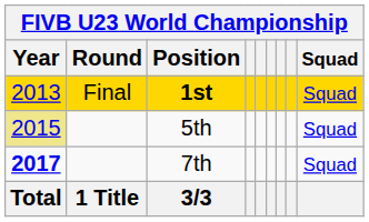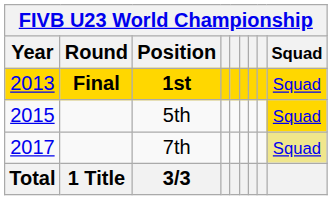 <table class="wikitable" style="text-align: center;">
 <tr>
 <th colspan=9><a href='#'>FIVB U23 World Championship</a>  </th>
 </tr>
 <tr>
 <th>Year</th>
 <th>Round</th>
 <th>Position</th>
 <th></th>
 <th></th>
 <th></th>
 <th></th>
 <th></th>
 <th><small>Squad</small></th>
 </tr>
 <tr bgcolor=gold>
 <td> <a href='#'>2013</a></td>
-<td>Final</td>
+<td><strong>Final</strong></td>
 <td><strong>1st</strong></td>
 <td></td>
 <td></td>
 <td></td>
 <td></td>
 <td></td>
 <td><small><a href='#'>Squad</a></small></td>
 </tr>
 <tr>
-<td style="background: khaki;"> <a href='#'>2015</a></td>
+<td> <a href='#'>2015</a></td>
 <td></td>
 <td>5th</td>
 <td></td>
 <td></td>
 <td></td>
 <td></td>
 <td></td>
-<td><small><a href='#'>Squad</a></small></td>
+<td style="background: gold;"><small><a href='#'>Squad</a></small></td>
 </tr>
 <tr>
-<td><strong> <a href='#'>2017</a></strong></td>
+<td> <a href='#'>2017</a></td>
 <td></td>
 <td>7th</td>
 <td></td>
 <td></td>
 <td></td>
 <td></td>
 <td></td>
-<td><small><a href='#'>Squad</a></small></td>
+<td style="background: khaki;"><small><a href='#'>Squad</a></small></td>
 </tr>
 <tr>
 <th>Total</th>
 <th>1 Title</th>
 <th>3/3</th>
 <th></th>
 <th></th>
 <th></th>
 <th></th>
 <th></th>
 <th></th>
 </tr>
 </table>
